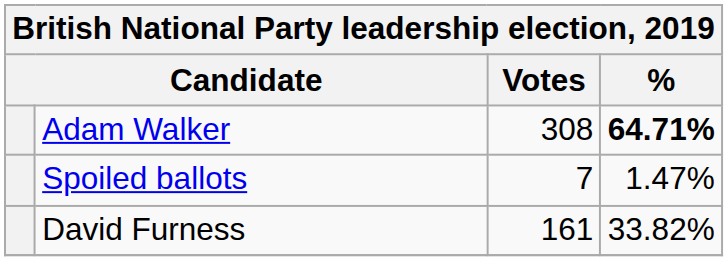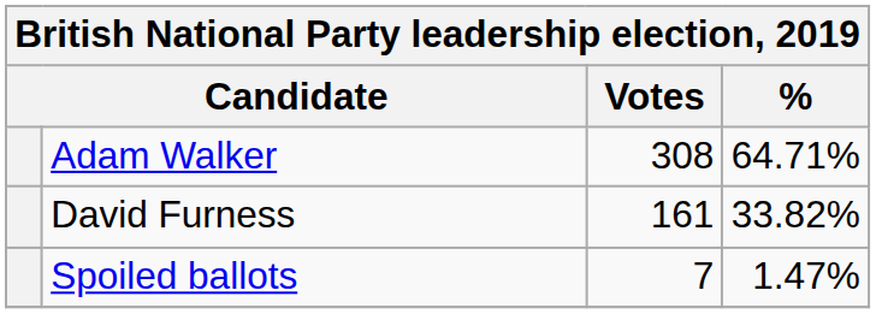 <table class="wikitable">
 <tr>
 <th colspan="4">British National Party leadership election, 2019</th>
 </tr>
 <tr>
 <th colspan="2" style="width: 170px">Candidate</th>
 <th style="width: 50px">Votes</th>
 <th style="width: 40px">%</th>
 </tr>
 <tr>
 <th style="background-color: "></th>
 <td><a href='#'>Adam Walker</a></td>
 <td align="right">308</td>
-<td align="right"><strong>64.71%</strong></td>
+<td align="right">64.71%</td>
+</tr>
+<tr>
+<th style="background-color: "></th>
+<td>David Furness</td>
+<td align="right">161</td>
+<td align="right">33.82%</td>
 </tr>
 <tr>
 <th style="background-color: "></th>
 <td><a href='#'>Spoiled ballots</a></td>
 <td align="right">7</td>
 <td align="right">1.47%</td>
 </tr>
 <tr>
-<th style="background-color: "></th>
-<td>David Furness</td>
-<td align="right">161</td>
-<td align="right">33.82%</td>
-</tr>
-<tr>
 </tr>
 </table>
